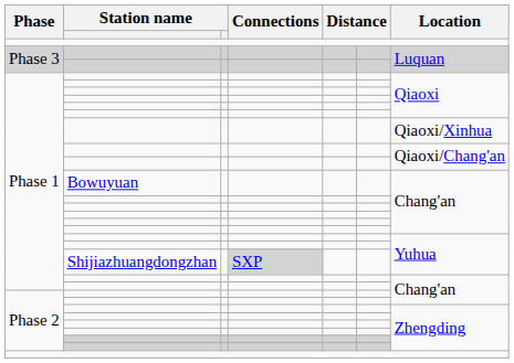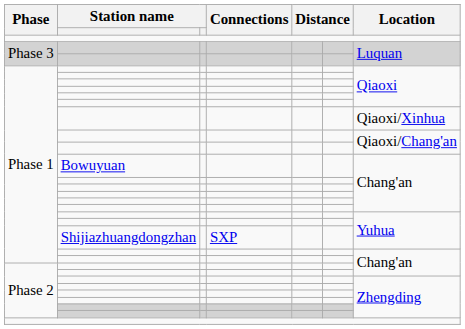 <table class="wikitable">
 <tr>
 <th rowspan="2">Phase</th>
 <th colspan="2">Station name</th>
 <th rowspan="2">Connections</th>
 <th colspan="2" rowspan="2">Distance<br></th>
 <th rowspan="2">Location</th>
 </tr>
 <tr>
 <th></th>
 <th></th>
 </tr>
 <tr style="background:#">
 <td colspan="7"></td>
 </tr>
 <tr bgcolor="lightgrey">
 <td rowspan="2">Phase 3</td>
 <td></td>
 <td></td>
 <td></td>
 <td></td>
 <td></td>
 <td rowspan="2"><a href='#'>Luquan</a></td>
 </tr>
 <tr bgcolor="lightgrey">
 <td></td>
 <td></td>
 <td></td>
 <td></td>
 <td></td>
 </tr>
 <tr>
 <td rowspan="20">Phase 1</td>
 <td></td>
 <td></td>
 <td></td>
 <td></td>
 <td></td>
 <td rowspan="6"><a href='#'>Qiaoxi</a></td>
 </tr>
 <tr>
 <td></td>
 <td></td>
 <td></td>
 <td></td>
 <td></td>
 </tr>
 <tr>
 <td></td>
 <td></td>
 <td></td>
 <td></td>
 <td></td>
 </tr>
 <tr>
 <td></td>
 <td></td>
 <td></td>
 <td></td>
 <td></td>
 </tr>
 <tr>
 <td></td>
 <td></td>
 <td></td>
 <td></td>
 <td></td>
 </tr>
 <tr>
 <td></td>
 <td></td>
 <td></td>
 <td></td>
 <td></td>
 </tr>
 <tr>
 <td></td>
 <td></td>
 <td></td>
 <td></td>
 <td></td>
 <td>Qiaoxi/<a href='#'>Xinhua</a></td>
 </tr>
 <tr>
 <td></td>
 <td></td>
 <td></td>
 <td></td>
 <td></td>
 <td rowspan="2">Qiaoxi/<a href='#'>Chang'an</a></td>
 </tr>
 <tr>
 <td></td>
 <td></td>
 <td></td>
 <td></td>
 <td></td>
 </tr>
 <tr>
 <td><a href='#'>Bowuyuan</a></td>
 <td></td>
 <td></td>
 <td></td>
 <td></td>
 <td rowspan="6">Chang'an</td>
 </tr>
 <tr>
 <td></td>
 <td></td>
 <td></td>
 <td></td>
 <td></td>
 </tr>
 <tr>
 <td></td>
 <td></td>
 <td></td>
 <td></td>
 <td></td>
 </tr>
 <tr>
 <td></td>
 <td></td>
 <td></td>
 <td></td>
 <td></td>
 </tr>
 <tr>
 <td></td>
 <td></td>
 <td></td>
 <td></td>
 <td></td>
 </tr>
 <tr>
 <td></td>
 <td></td>
 <td></td>
 <td></td>
 <td></td>
 </tr>
 <tr>
 <td></td>
 <td></td>
 <td></td>
 <td></td>
 <td></td>
 <td rowspan="3"><a href='#'>Yuhua</a></td>
 </tr>
 <tr>
 <td></td>
 <td></td>
 <td></td>
 <td></td>
 <td></td>
 </tr>
 <tr>
 <td><a href='#'>Shijiazhuangdongzhan</a></td>
 <td></td>
-<td style="background: lightgrey;"> <a href='#'>SXP</a></td>
+<td> <a href='#'>SXP</a></td>
 <td></td>
 <td></td>
 </tr>
 <tr>
 <td></td>
 <td></td>
 <td></td>
 <td></td>
 <td></td>
 <td rowspan="4">Chang'an</td>
 </tr>
 <tr>
 <td></td>
 <td></td>
 <td></td>
 <td></td>
 <td></td>
 </tr>
 <tr>
 <td rowspan="8">Phase 2</td>
 <td></td>
 <td></td>
 <td></td>
 <td></td>
 <td></td>
 </tr>
 <tr>
 <td></td>
 <td></td>
 <td></td>
 <td></td>
 <td></td>
 </tr>
 <tr>
 <td></td>
 <td></td>
 <td></td>
 <td></td>
 <td></td>
 <td rowspan="6"><a href='#'>Zhengding</a></td>
 </tr>
 <tr>
 <td></td>
 <td></td>
 <td></td>
 <td></td>
 <td></td>
 </tr>
 <tr>
 <td></td>
 <td></td>
 <td></td>
 <td></td>
 <td></td>
 </tr>
 <tr>
 <td></td>
 <td></td>
 <td></td>
 <td></td>
 <td></td>
 </tr>
 <tr bgcolor="lightgrey">
 <td></td>
 <td></td>
 <td></td>
 <td></td>
 <td></td>
 </tr>
 <tr bgcolor="lightgrey">
 <td></td>
 <td></td>
 <td></td>
 <td></td>
 <td></td>
 </tr>
 <tr style="background:#">
 <td colspan="7"></td>
 </tr>
 </table>
